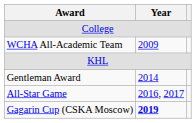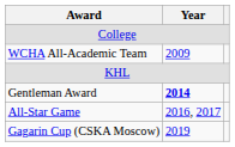 <table class="wikitable">
 <tr>
 <th>Award</th>
 <th>Year</th>
 <th></th>
 </tr>
 <tr ALIGN="center" bgcolor="#e0e0e0">
 <td colspan="3"><a href='#'>College</a></td>
 </tr>
 <tr>
 <td><a href='#'>WCHA</a> All-Academic Team</td>
 <td><a href='#'>2009</a></td>
 <td></td>
 </tr>
 <tr ALIGN="center" bgcolor="#e0e0e0">
 <td colspan="3"><a href='#'>KHL</a></td>
 </tr>
 <tr>
 <td>Gentleman Award</td>
-<td><a href='#'>2014</a></td>
+<td><strong><a href='#'>2014</a></strong></td>
 <td></td>
 </tr>
 <tr>
 <td><a href='#'>All-Star Game</a></td>
 <td><a href='#'>2016</a>, <a href='#'>2017</a></td>
 <td></td>
 </tr>
 <tr>
 <td><a href='#'>Gagarin Cup</a> (CSKA Moscow)</td>
-<td><strong><a href='#'>2019</a></strong></td>
+<td><a href='#'>2019</a></td>
 <td></td>
 </tr>
 </table>
